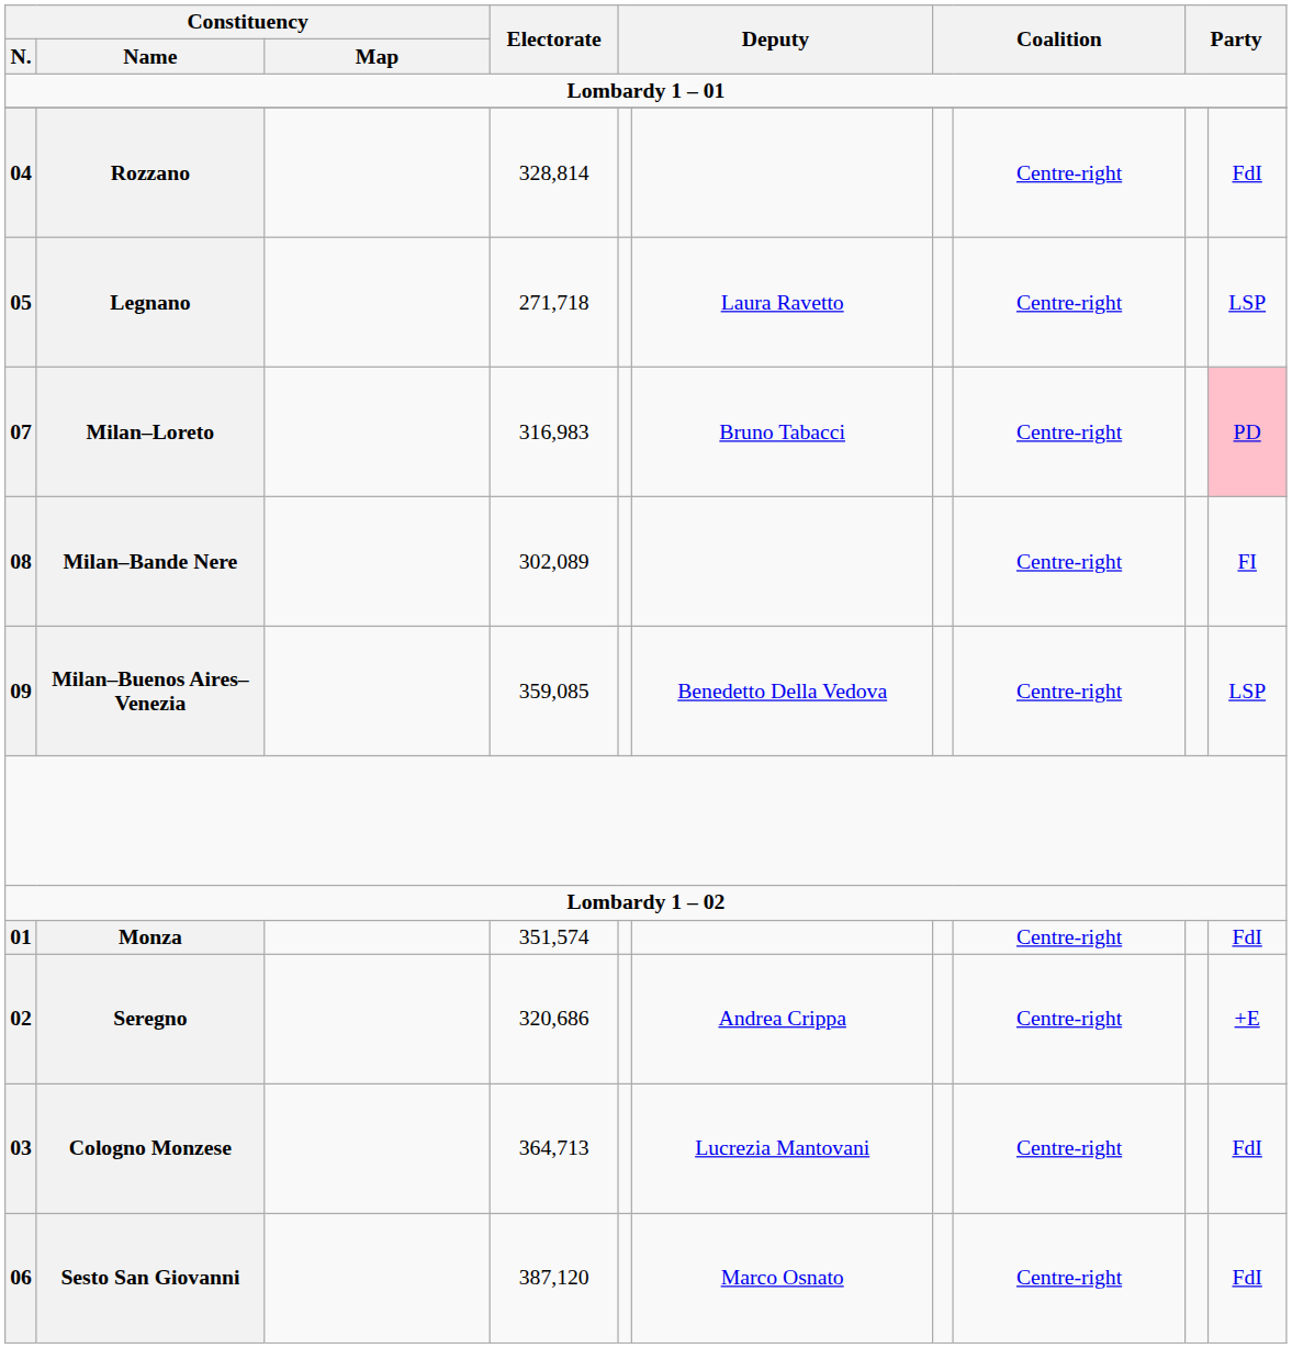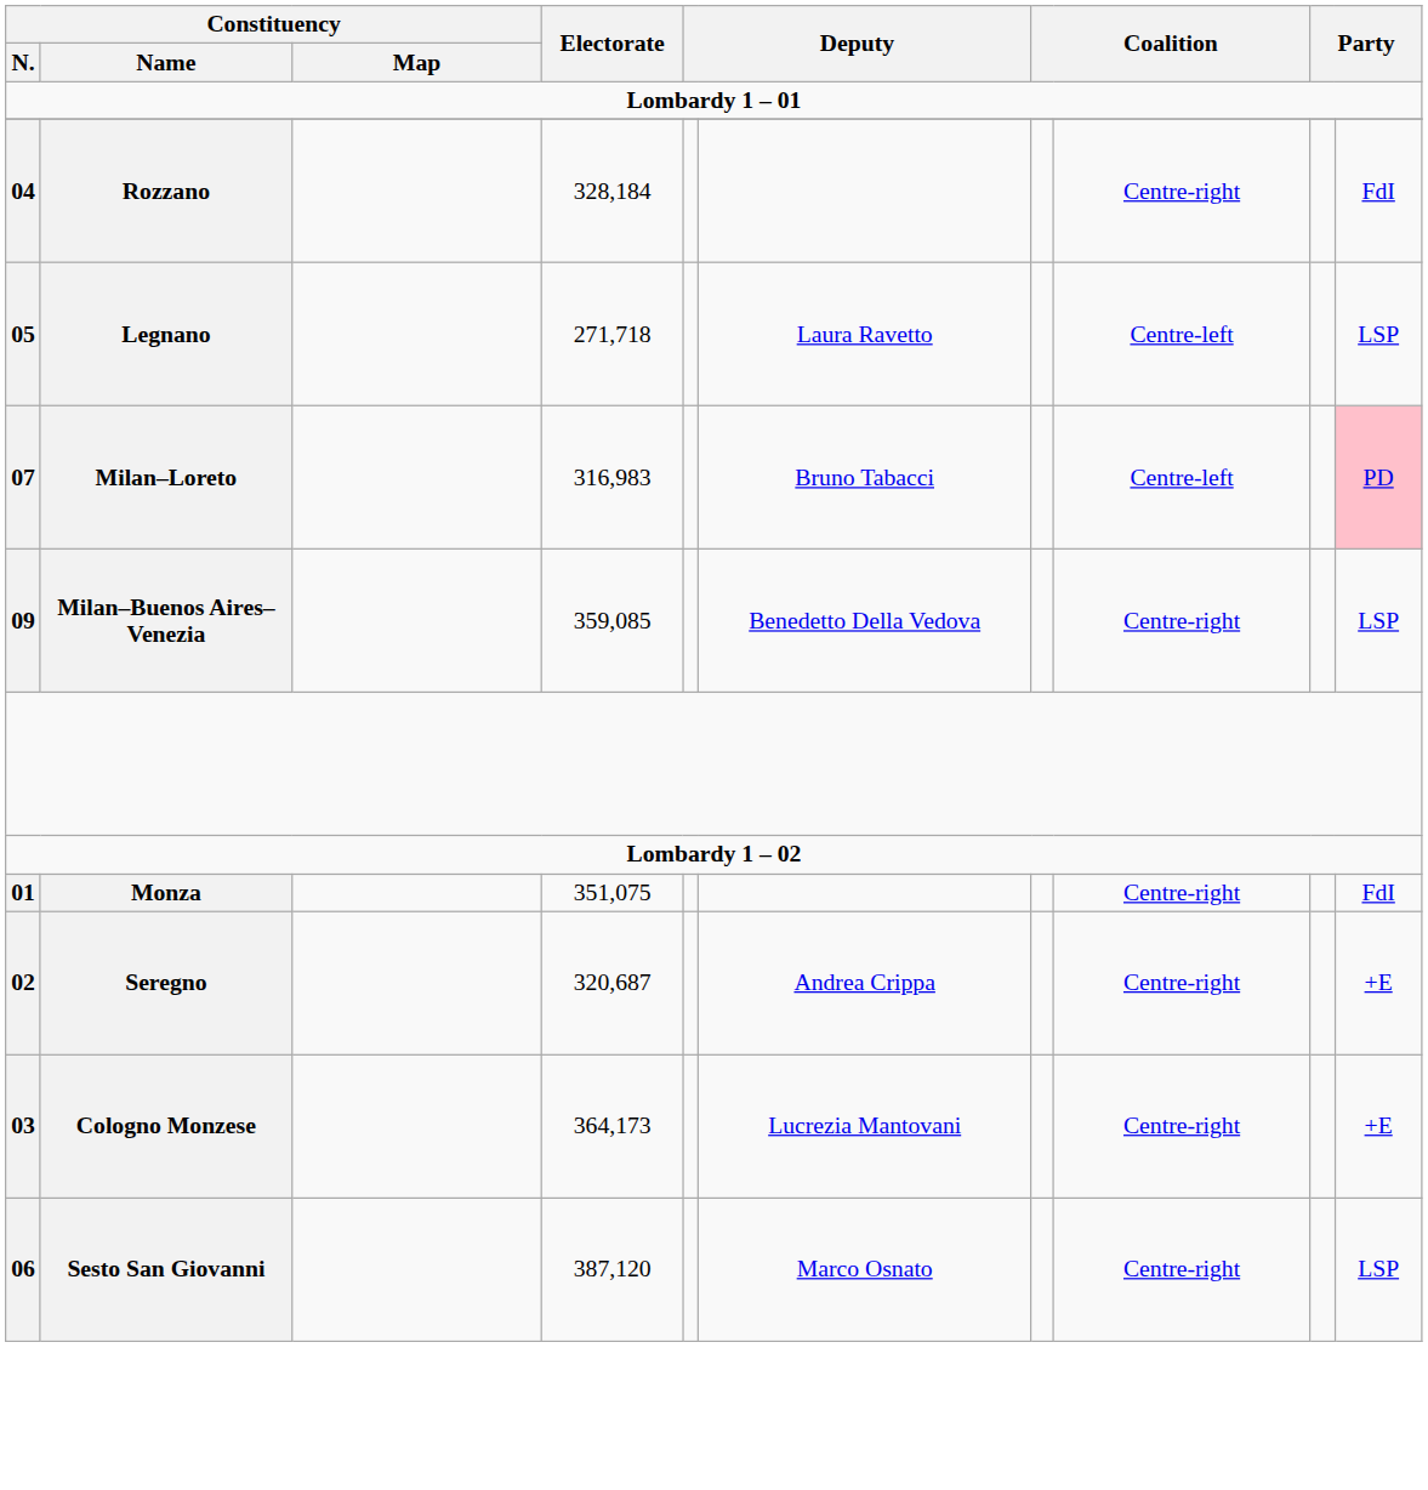 <table class="wikitable" style="text-align:center; style="width=60%">
 <tr>
 <th width=25% colspan="3">Constituency</th>
 <th width=10% rowspan="2">Electorate</th>
 <th width=25% colspan="2" rowspan="2">Deputy</th>
 <th width=20% colspan="2" rowspan="2">Coalition</th>
 <th width=10% colspan="2" rowspan="2">Party</th>
 </tr>
 <tr>
 <th width=1%>N.</th>
 <th width=18%>Name</th>
 <th width=18%>Map</th>
 </tr>
 <tr>
 <td colspan=10 align=center><strong>Lombardy 1 – 01</strong></td>
 </tr>
 <tr>
 </tr>
 <tr style="height:6em;">
 <th>04</th>
 <th>Rozzano</th>
 <td></td>
-<td>328,814</td>
+<td>328,184</td>
 <td></td>
 <td></td>
 <td style="background:"></td>
 <td><a href='#'>Centre-right</a></td>
 <td style="background:"></td>
 <td><a href='#'>FdI</a></td>
 </tr>
 <tr style="height:6em;">
 <th>05</th>
 <th>Legnano</th>
 <td></td>
 <td>271,718</td>
 <td></td>
 <td><a href='#'>Laura Ravetto</a></td>
 <td style="background:"></td>
-<td><a href='#'>Centre-right</a></td>
+<td><a href='#'>Centre-left</a></td>
 <td style="background:"></td>
 <td><a href='#'>LSP</a></td>
 </tr>
 <tr style="height:6em;">
 <th>07</th>
 <th>Milan–Loreto</th>
 <td></td>
 <td>316,983</td>
 <td></td>
 <td><a href='#'>Bruno Tabacci</a></td>
 <td style="background:"></td>
-<td><a href='#'>Centre-right</a></td>
+<td><a href='#'>Centre-left</a></td>
 <td style="background:"></td>
 <td style="background: pink;"><a href='#'>PD</a></td>
-</tr>
-<tr style="height:6em;">
-<th>08</th>
-<th>Milan–Bande Nere</th>
-<td></td>
-<td>302,089</td>
-<td></td>
-<td></td>
-<td style="background:"></td>
-<td><a href='#'>Centre-right</a></td>
-<td style="background:"></td>
-<td><a href='#'>FI</a></td>
 </tr>
 <tr style="height:6em;">
 <th>09</th>
 <th>Milan–Buenos Aires–Venezia</th>
 <td></td>
 <td>359,085</td>
 <td></td>
 <td><a href='#'>Benedetto Della Vedova</a></td>
 <td style="background:"></td>
 <td><a href='#'>Centre-right</a></td>
 <td style="background:"></td>
 <td><a href='#'>LSP</a></td>
 </tr>
 <tr style="height:6em;">
 </tr>
 <tr>
 <td colspan=10 align=center><strong>Lombardy 1 – 02</strong></td>
 </tr>
 <tr>
 <th>01</th>
 <th>Monza</th>
 <td></td>
-<td>351,574</td>
+<td>351,075</td>
 <td></td>
 <td></td>
 <td style="background:"></td>
 <td><a href='#'>Centre-right</a></td>
 <td style="background:"></td>
 <td><a href='#'>FdI</a></td>
 </tr>
 <tr style="height:6em;">
 <th>02</th>
 <th>Seregno</th>
 <td></td>
-<td>320,686</td>
+<td>320,687</td>
 <td></td>
 <td><a href='#'>Andrea Crippa</a></td>
 <td style="background:"></td>
 <td><a href='#'>Centre-right</a></td>
 <td style="background:"></td>
 <td><a href='#'>+E</a></td>
 </tr>
 <tr style="height:6em;">
 <th>03</th>
 <th>Cologno Monzese</th>
 <td></td>
-<td>364,713</td>
+<td>364,173</td>
 <td></td>
 <td><a href='#'>Lucrezia Mantovani</a></td>
 <td style="background:"></td>
 <td><a href='#'>Centre-right</a></td>
 <td style="background:"></td>
-<td><a href='#'>FdI</a></td>
+<td><a href='#'>+E</a></td>
 </tr>
 <tr style="height:6em;">
 <th>06</th>
 <th>Sesto San Giovanni</th>
 <td></td>
 <td>387,120</td>
 <td></td>
 <td><a href='#'>Marco Osnato</a></td>
 <td style="background:"></td>
 <td><a href='#'>Centre-right</a></td>
 <td style="background:"></td>
-<td><a href='#'>FdI</a></td>
+<td><a href='#'>LSP</a></td>
 </tr>
 </table>
